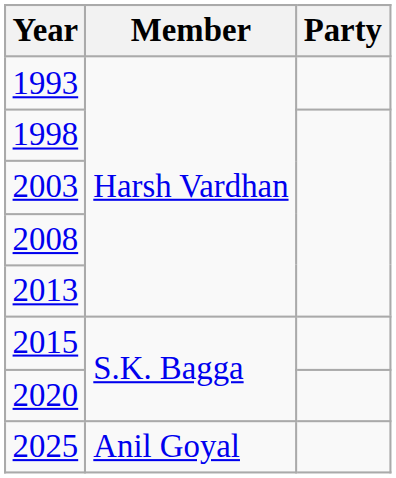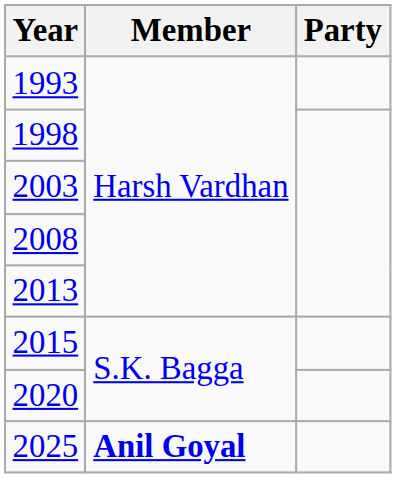 <table class="wikitable">
 <tr>
 <th>Year</th>
 <th>Member</th>
 <th colspan=2>Party</th>
 </tr>
 <tr>
 <td><a href='#'>1993</a></td>
 <td rowspan="5"><a href='#'>Harsh Vardhan</a></td>
 <td></td>
 </tr>
 <tr>
 <td><a href='#'>1998</a></td>
 </tr>
 <tr>
 <td><a href='#'>2003</a></td>
 </tr>
 <tr>
 <td><a href='#'>2008</a></td>
 </tr>
 <tr>
 <td><a href='#'>2013</a></td>
 </tr>
 <tr>
 <td><a href='#'>2015</a></td>
 <td rowspan="2"><a href='#'>S.K. Bagga</a></td>
 <td></td>
 </tr>
 <tr>
 <td><a href='#'>2020</a></td>
 </tr>
 <tr>
 <td><a href='#'>2025</a></td>
-<td><a href='#'>Anil Goyal</a></td>
+<td><strong><a href='#'>Anil Goyal</a></strong></td>
 <td></td>
 </tr>
 </table>
